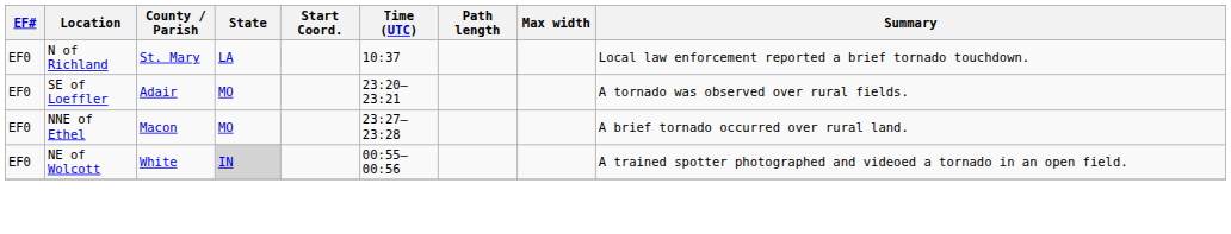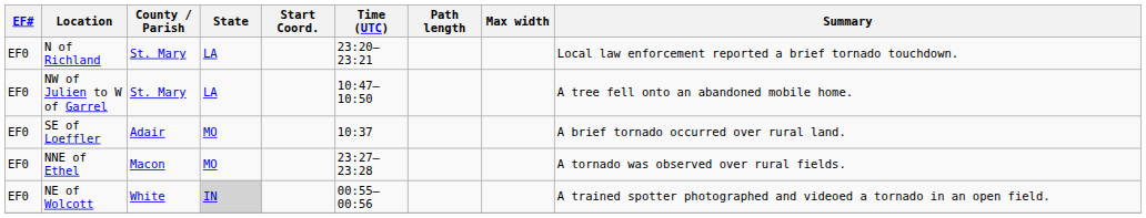 <table class="wikitable sortable" style="width:100%;">
 <tr>
 <th scope="col"  style="width:3%; text-align:center;"><a href='#'>EF#</a></th>
 <th scope="col"  style="width:7%; text-align:center;" class="unsortable">Location</th>
 <th scope="col"  style="width:6%; text-align:center;" class="unsortable">County / Parish</th>
 <th scope="col"  style="width:5%; text-align:center;">State</th>
 <th scope="col"  style="width:6%; text-align:center;">Start Coord.</th>
 <th scope="col"  style="width:6%; text-align:center;">Time (<a href='#'>UTC</a>)</th>
 <th scope="col"  style="width:6%; text-align:center;">Path length</th>
 <th scope="col"  style="width:6%; text-align:center;">Max width</th>
 <th scope="col" class="unsortable" style="width:48%; text-align:center;">Summary</th>
 </tr>
 <tr>
 <td>EF0</td>
 <td>N of <a href='#'>Richland</a></td>
 <td><a href='#'>St. Mary</a></td>
 <td><a href='#'>LA</a></td>
 <td></td>
-<td>10:37</td>
+<td>23:20–23:21</td>
 <td></td>
 <td></td>
 <td>Local law enforcement reported a brief tornado touchdown.</td>
+</tr>
+<tr>
+<td>EF0</td>
+<td>NW of <a href='#'>Julien</a> to W of <a href='#'>Garrel</a></td>
+<td><a href='#'>St. Mary</a></td>
+<td><a href='#'>LA</a></td>
+<td></td>
+<td>10:47–10:50</td>
+<td></td>
+<td></td>
+<td>A tree fell onto an abandoned mobile home.</td>
 </tr>
 <tr>
 <td>EF0</td>
 <td>SE of <a href='#'>Loeffler</a></td>
 <td><a href='#'>Adair</a></td>
 <td><a href='#'>MO</a></td>
 <td></td>
-<td>23:20–23:21</td>
+<td>10:37</td>
 <td></td>
 <td></td>
-<td>A tornado was observed over rural fields.</td>
+<td>A brief tornado occurred over rural land.</td>
 </tr>
 <tr>
 <td>EF0</td>
 <td>NNE of <a href='#'>Ethel</a></td>
 <td><a href='#'>Macon</a></td>
 <td><a href='#'>MO</a></td>
 <td></td>
 <td>23:27–23:28</td>
 <td></td>
 <td></td>
-<td>A brief tornado occurred over rural land.</td>
+<td>A tornado was observed over rural fields.</td>
 </tr>
 <tr>
 <td>EF0</td>
 <td>NE of <a href='#'>Wolcott</a></td>
 <td><a href='#'>White</a></td>
 <td style="background: lightgrey;"><a href='#'>IN</a></td>
 <td></td>
 <td>00:55–00:56</td>
 <td></td>
 <td></td>
 <td>A trained spotter photographed and videoed a tornado in an open field.</td>
 </tr>
 <tr>
 </tr>
 </table>
